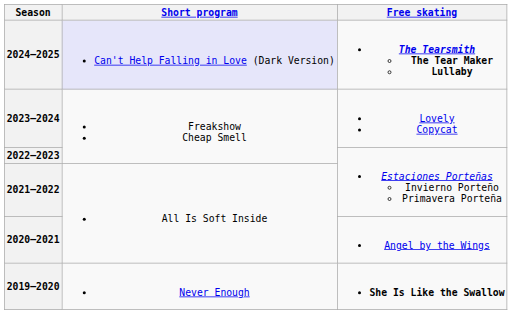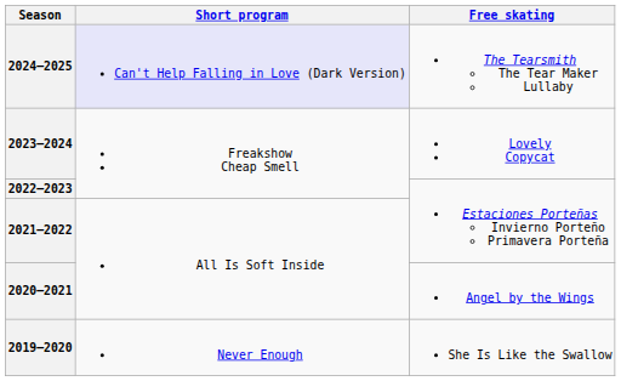 <table class="wikitable" style="text-align:center">
 <tr>
 <th>Season</th>
 <th><a href='#'>Short program</a></th>
 <th><a href='#'>Free skating</a></th>
 </tr>
 <tr>
 <th>2024–2025 <br> </th>
 <td style="background: lavender;"><br><ul><li><a href='#'>Can't Help Falling in Love</a> (Dark Version) <br> </li></ul></td>
-<td><strong><br><ul><li><em><a href='#'>The Tearsmith</a></em><ul><li>The Tear Maker</li><li>Lullaby <br> </li></ul></li></ul></strong></td>
+<td><br><ul><li><em><a href='#'>The Tearsmith</a></em><ul><li>The Tear Maker</li><li>Lullaby <br> </li></ul></li></ul></td>
 </tr>
 <tr>
 <th>2023–2024 <br> </th>
 <td rowspan=2><br><ul><li>Freakshow</li><li>Cheap Smell <br> </li></ul></td>
 <td><br><ul><li><a href='#'>Lovely</a> <br> </li><li><a href='#'>Copycat</a> <br> </li></ul></td>
 </tr>
 <tr>
 <th>2022–2023 <br> </th>
 <td rowspan=2><br><ul><li><em><a href='#'>Estaciones Porteñas</a></em><ul><li>Invierno Porteño</li><li>Primavera Porteña <br> </li></ul></li></ul></td>
 </tr>
 <tr>
 <th>2021–2022 <br> </th>
 <td rowspan=2><br><ul><li>All Is Soft Inside <br> </li></ul></td>
 </tr>
 <tr>
 <th>2020–2021 <br> </th>
 <td><br><ul><li><a href='#'>Angel by the Wings</a> <br> </li></ul></td>
 </tr>
 <tr>
 <th>2019–2020 <br> </th>
 <td><br><ul><li><a href='#'>Never Enough</a> <br> </li></ul></td>
-<td><strong><br><ul><li>She Is Like the Swallow <br> </li></ul></strong></td>
+<td><br><ul><li>She Is Like the Swallow <br> </li></ul></td>
 </tr>
 </table>
